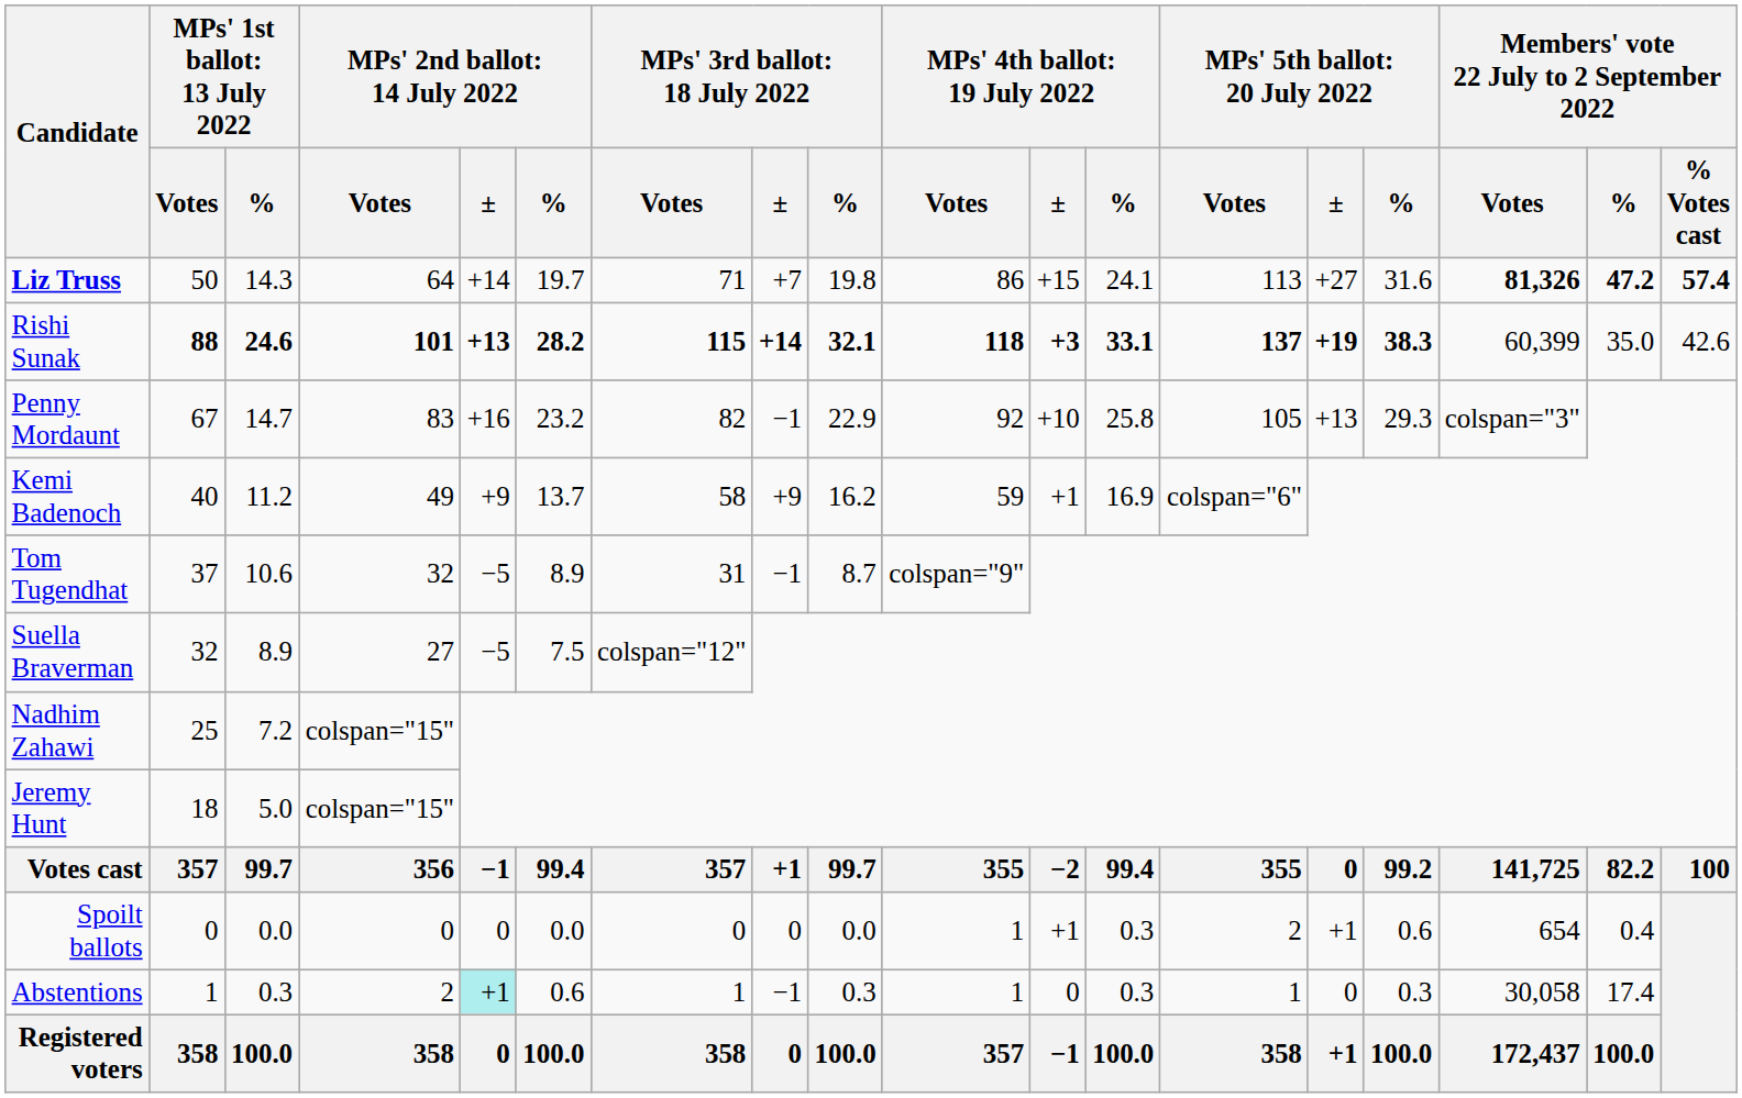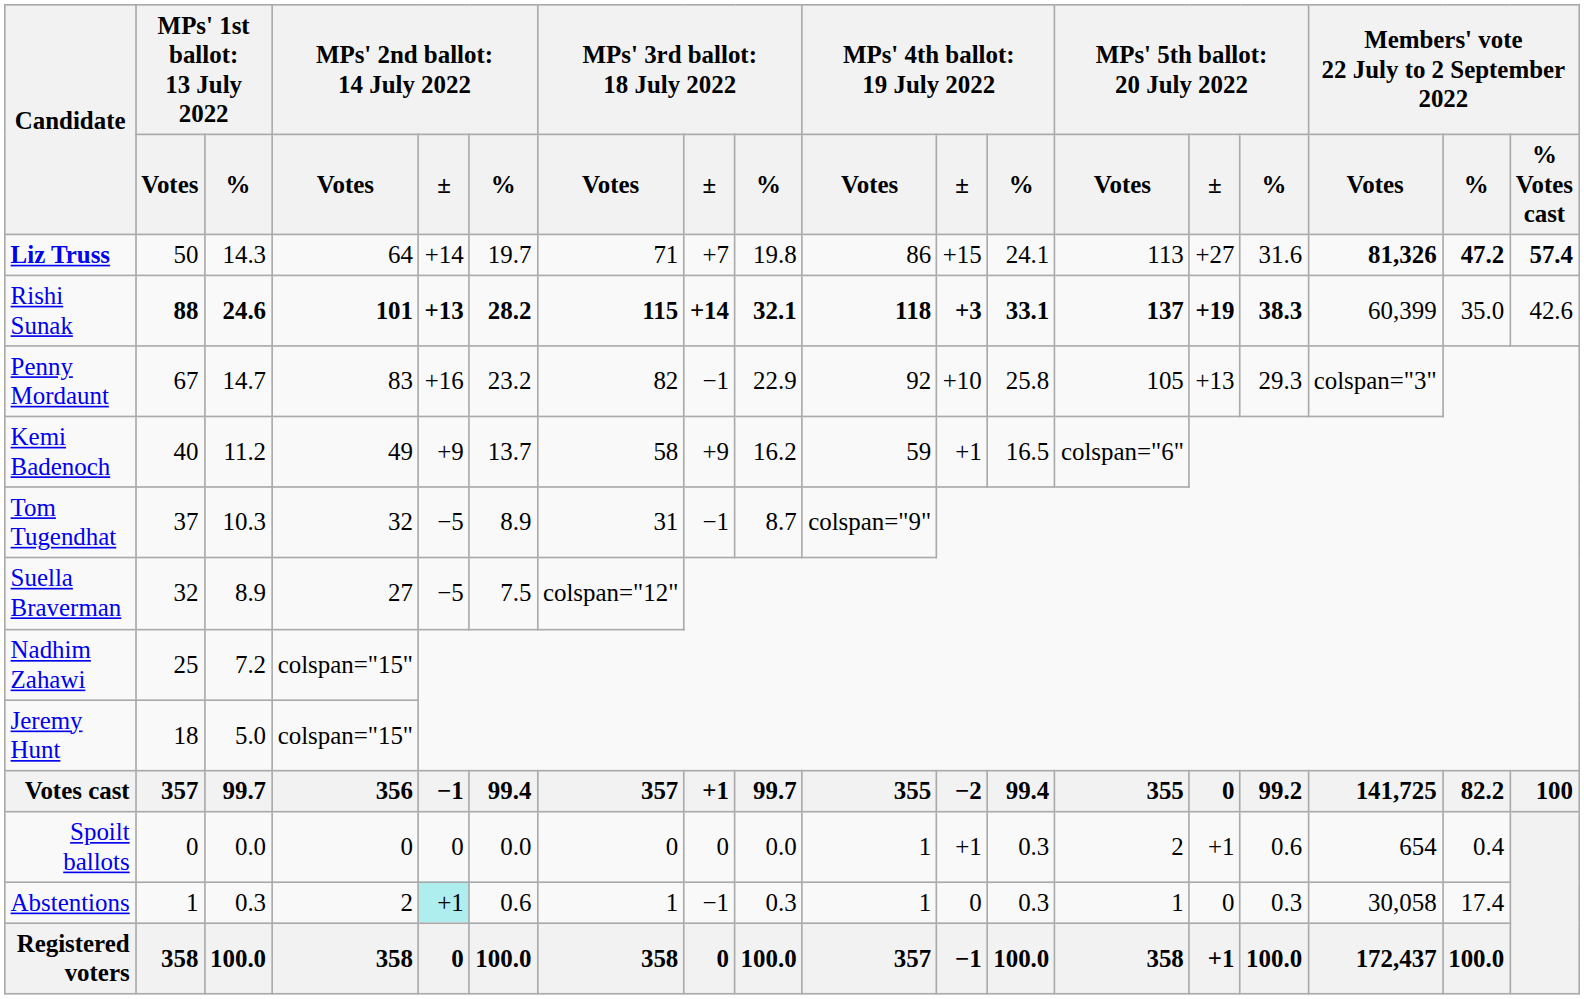 <table class="wikitable plainrowheaders" style="font-size:95%; text-align:right" |>
 <tr>
 <th rowspan="2">Candidate</th>
 <th colspan="2">MPs' 1st ballot:<br>13 July 2022</th>
 <th colspan="3">MPs' 2nd ballot:<br>14 July 2022</th>
 <th colspan="3">MPs' 3rd ballot:<br>18 July 2022</th>
 <th colspan="3">MPs' 4th ballot:<br>19 July 2022</th>
 <th colspan="3">MPs' 5th ballot:<br>20 July 2022</th>
 <th colspan="3">Members' vote<br>22 July to 2 September 2022</th>
 </tr>
 <tr>
 <th style="width: 50px">Votes</th>
 <th style="width: 40px">%</th>
 <th style="width: 50px">Votes</th>
 <th>±</th>
 <th style="width: 40px">%</th>
 <th>Votes</th>
 <th>±</th>
 <th>%</th>
 <th>Votes</th>
 <th>±</th>
 <th>%</th>
 <th>Votes</th>
 <th>±</th>
 <th>%</th>
 <th>Votes</th>
 <th>%</th>
 <th>% Votes cast</th>
 </tr>
 <tr>
 <td style="width: 170px; text-align:left"><strong><a href='#'>Liz Truss</a></strong></td>
 <td>50</td>
 <td>14.3</td>
 <td>64</td>
 <td>+14</td>
 <td>19.7</td>
 <td>71</td>
 <td>+7</td>
 <td>19.8</td>
 <td>86</td>
 <td>+15</td>
 <td>24.1</td>
 <td>113</td>
 <td>+27</td>
 <td>31.6</td>
 <td><strong>81,326</strong></td>
 <td><strong>47.2</strong></td>
 <td><strong>57.4</strong></td>
 </tr>
 <tr>
 <td style="width: 170px; text-align:left"><a href='#'>Rishi Sunak</a></td>
 <td><strong>88</strong></td>
 <td><strong>24.6</strong></td>
 <td><strong>101</strong></td>
 <td><strong>+13</strong></td>
 <td><strong>28.2</strong></td>
 <td><strong>115</strong></td>
 <td><strong>+14</strong></td>
 <td><strong>32.1</strong></td>
 <td><strong>118</strong></td>
 <td><strong>+3</strong></td>
 <td><strong>33.1</strong></td>
 <td><strong>137</strong></td>
 <td><strong>+19</strong></td>
 <td><strong>38.3</strong></td>
 <td>60,399</td>
 <td>35.0</td>
 <td>42.6</td>
 </tr>
 <tr>
 <td style="width: 170px; text-align:left"><a href='#'>Penny Mordaunt</a></td>
 <td>67</td>
 <td>14.7</td>
 <td>83</td>
 <td>+16</td>
 <td>23.2</td>
 <td>82</td>
 <td>−1</td>
 <td>22.9</td>
 <td>92</td>
 <td>+10</td>
 <td>25.8</td>
 <td>105</td>
 <td>+13</td>
 <td>29.3</td>
 <td>colspan="3" </td>
 </tr>
 <tr>
 <td style="width: 170px; text-align:left"><a href='#'>Kemi Badenoch</a></td>
 <td>40</td>
 <td>11.2</td>
 <td>49</td>
 <td>+9</td>
 <td>13.7</td>
 <td>58</td>
 <td>+9</td>
 <td>16.2</td>
 <td>59</td>
 <td>+1</td>
-<td>16.9</td>
+<td>16.5</td>
 <td>colspan="6" </td>
 </tr>
 <tr>
 <td style="width: 170px; text-align:left"><a href='#'>Tom Tugendhat</a></td>
 <td>37</td>
-<td>10.6</td>
+<td>10.3</td>
 <td>32</td>
 <td>−5</td>
 <td>8.9</td>
 <td>31</td>
 <td>−1</td>
 <td>8.7</td>
 <td>colspan="9" </td>
 </tr>
 <tr>
 <td style="width: 170px; text-align:left"><a href='#'>Suella Braverman</a></td>
 <td>32</td>
 <td>8.9</td>
 <td>27</td>
 <td>−5</td>
 <td>7.5</td>
 <td>colspan="12" </td>
 </tr>
 <tr>
 <td style="width: 170px; text-align:left"><a href='#'>Nadhim Zahawi</a></td>
 <td>25</td>
 <td>7.2</td>
 <td>colspan="15" </td>
 </tr>
 <tr>
 <td style="width: 170px; text-align:left"><a href='#'>Jeremy Hunt</a></td>
 <td>18</td>
 <td>5.0</td>
 <td>colspan="15" </td>
 </tr>
 <tr>
 <th style="text-align:right;">Votes cast</th>
 <th scope="row" style="text-align:right;">357</th>
 <th scope="row" style="text-align:right;">99.7</th>
 <th scope="row" style="text-align:right;">356</th>
 <th scope="row" style="text-align:right;">−1</th>
 <th scope="row" style="text-align:right;">99.4</th>
 <th scope="row" style="text-align:right;">357</th>
 <th scope="row" style="text-align:right;">+1</th>
 <th scope="row" style="text-align:right;">99.7</th>
 <th scope="row" style="text-align:right;">355</th>
 <th scope="row" style="text-align:right;">−2</th>
 <th scope="row" style="text-align:right;">99.4</th>
 <th scope="row" style="text-align:right;">355</th>
 <th scope="row" style="text-align:right;">0</th>
 <th scope="row" style="text-align:right;">99.2</th>
 <th scope="row" style="text-align:right;">141,725</th>
 <th scope="row" style="text-align:right;">82.2</th>
 <th scope="row" style="text-align:right;">100</th>
 </tr>
 <tr>
 <td style="text-align:right;"><a href='#'>Spoilt ballots</a></td>
 <td>0</td>
 <td>0.0</td>
 <td>0</td>
 <td>0</td>
 <td>0.0</td>
 <td>0</td>
 <td>0</td>
 <td>0.0</td>
 <td>1</td>
 <td>+1</td>
 <td>0.3</td>
 <td>2</td>
 <td>+1</td>
 <td>0.6</td>
 <td>654</td>
 <td>0.4</td>
 <th rowspan=3></th>
 </tr>
 <tr>
 <td style="text-align:right;"><a href='#'>Abstentions</a></td>
 <td>1</td>
 <td>0.3</td>
 <td>2</td>
 <td style="background: paleturquoise;">+1</td>
 <td>0.6</td>
 <td>1</td>
 <td>−1</td>
 <td>0.3</td>
 <td>1</td>
 <td>0</td>
 <td>0.3</td>
 <td>1</td>
 <td>0</td>
 <td>0.3</td>
 <td>30,058</td>
 <td>17.4</td>
 </tr>
 <tr>
 <th style="text-align:right;">Registered voters</th>
 <th scope="row" style="text-align:right;">358</th>
 <th scope="row" style="text-align:right;">100.0</th>
 <th scope="row" style="text-align:right;">358</th>
 <th scope="row" style="text-align:right;">0</th>
 <th scope="row" style="text-align:right;">100.0</th>
 <th scope="row" style="text-align:right;">358</th>
 <th scope="row" style="text-align:right;">0</th>
 <th scope="row" style="text-align:right;">100.0</th>
 <th scope="row" style="text-align:right;">357</th>
 <th scope="row" style="text-align:right;">−1</th>
 <th scope="row" style="text-align:right;">100.0</th>
 <th scope="row" style="text-align:right;">358</th>
 <th scope="row" style="text-align:right;">+1</th>
 <th scope="row" style="text-align:right;">100.0</th>
 <th scope="row" style="text-align:right;">172,437</th>
 <th scope="row" style="text-align:right;">100.0</th>
 </tr>
 </table>
